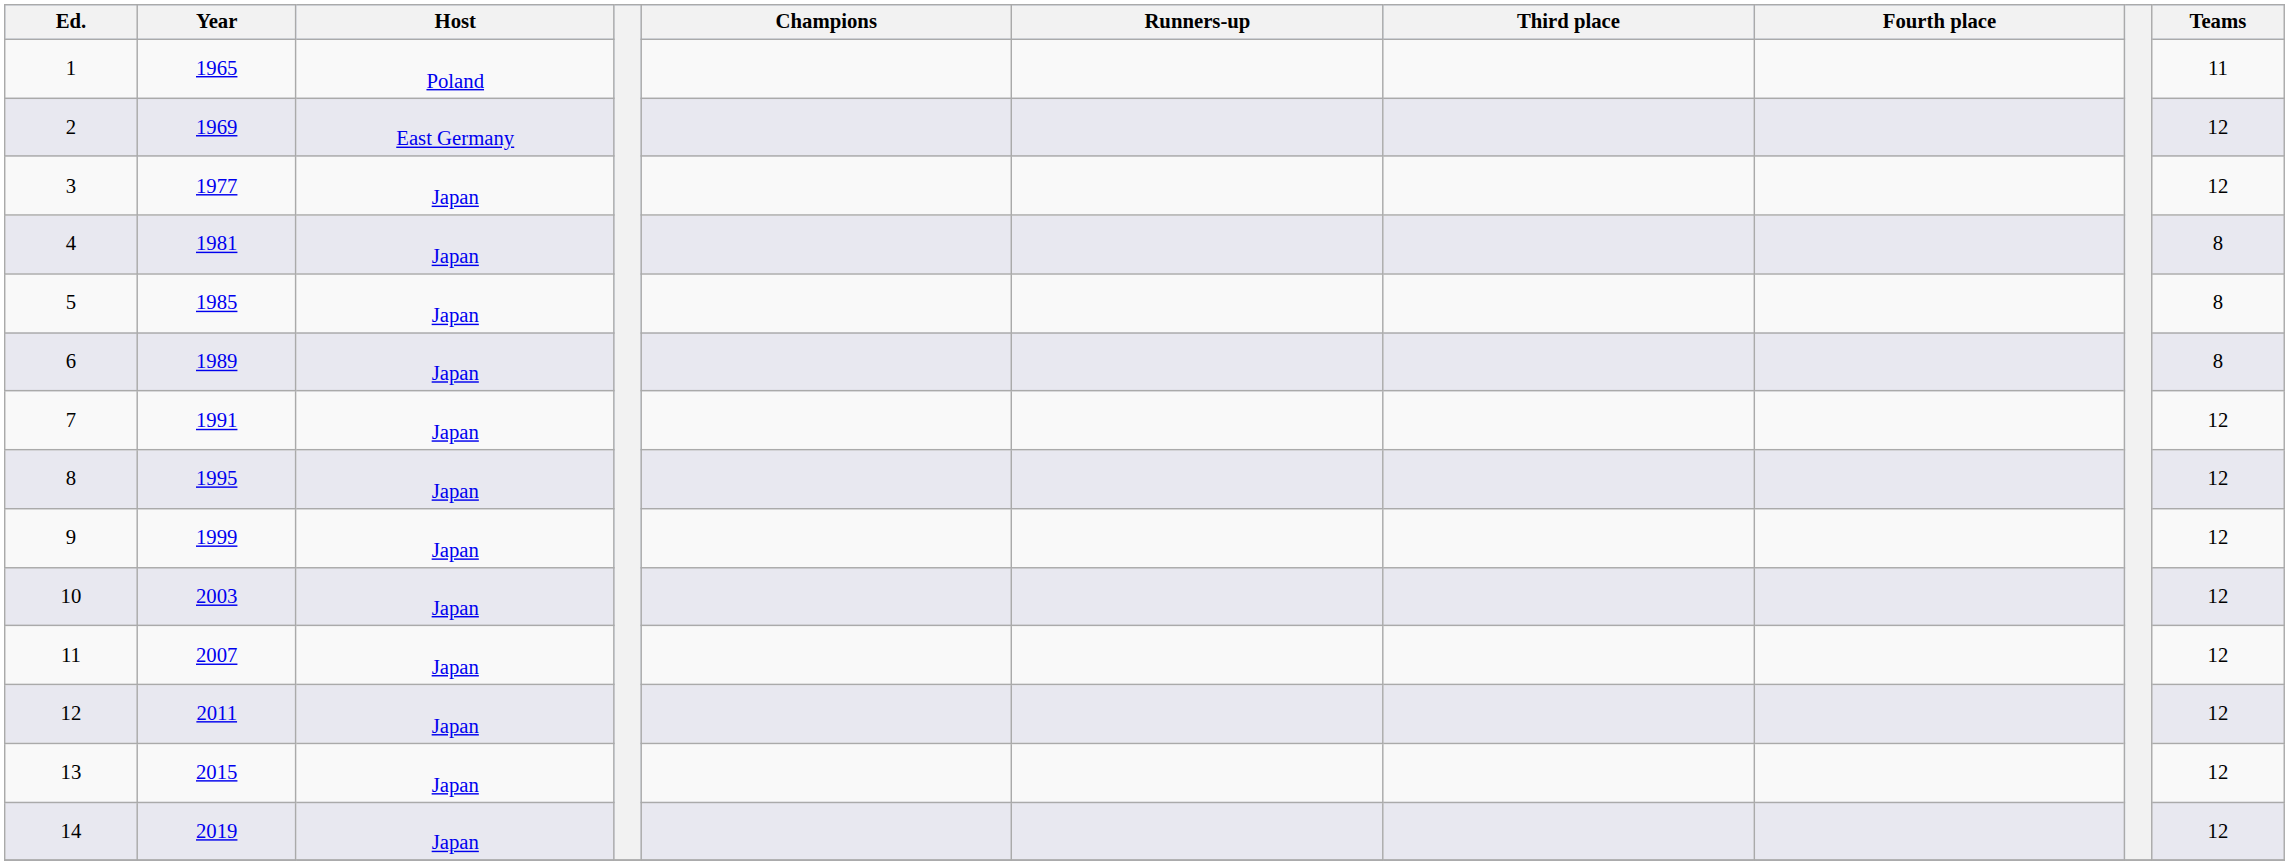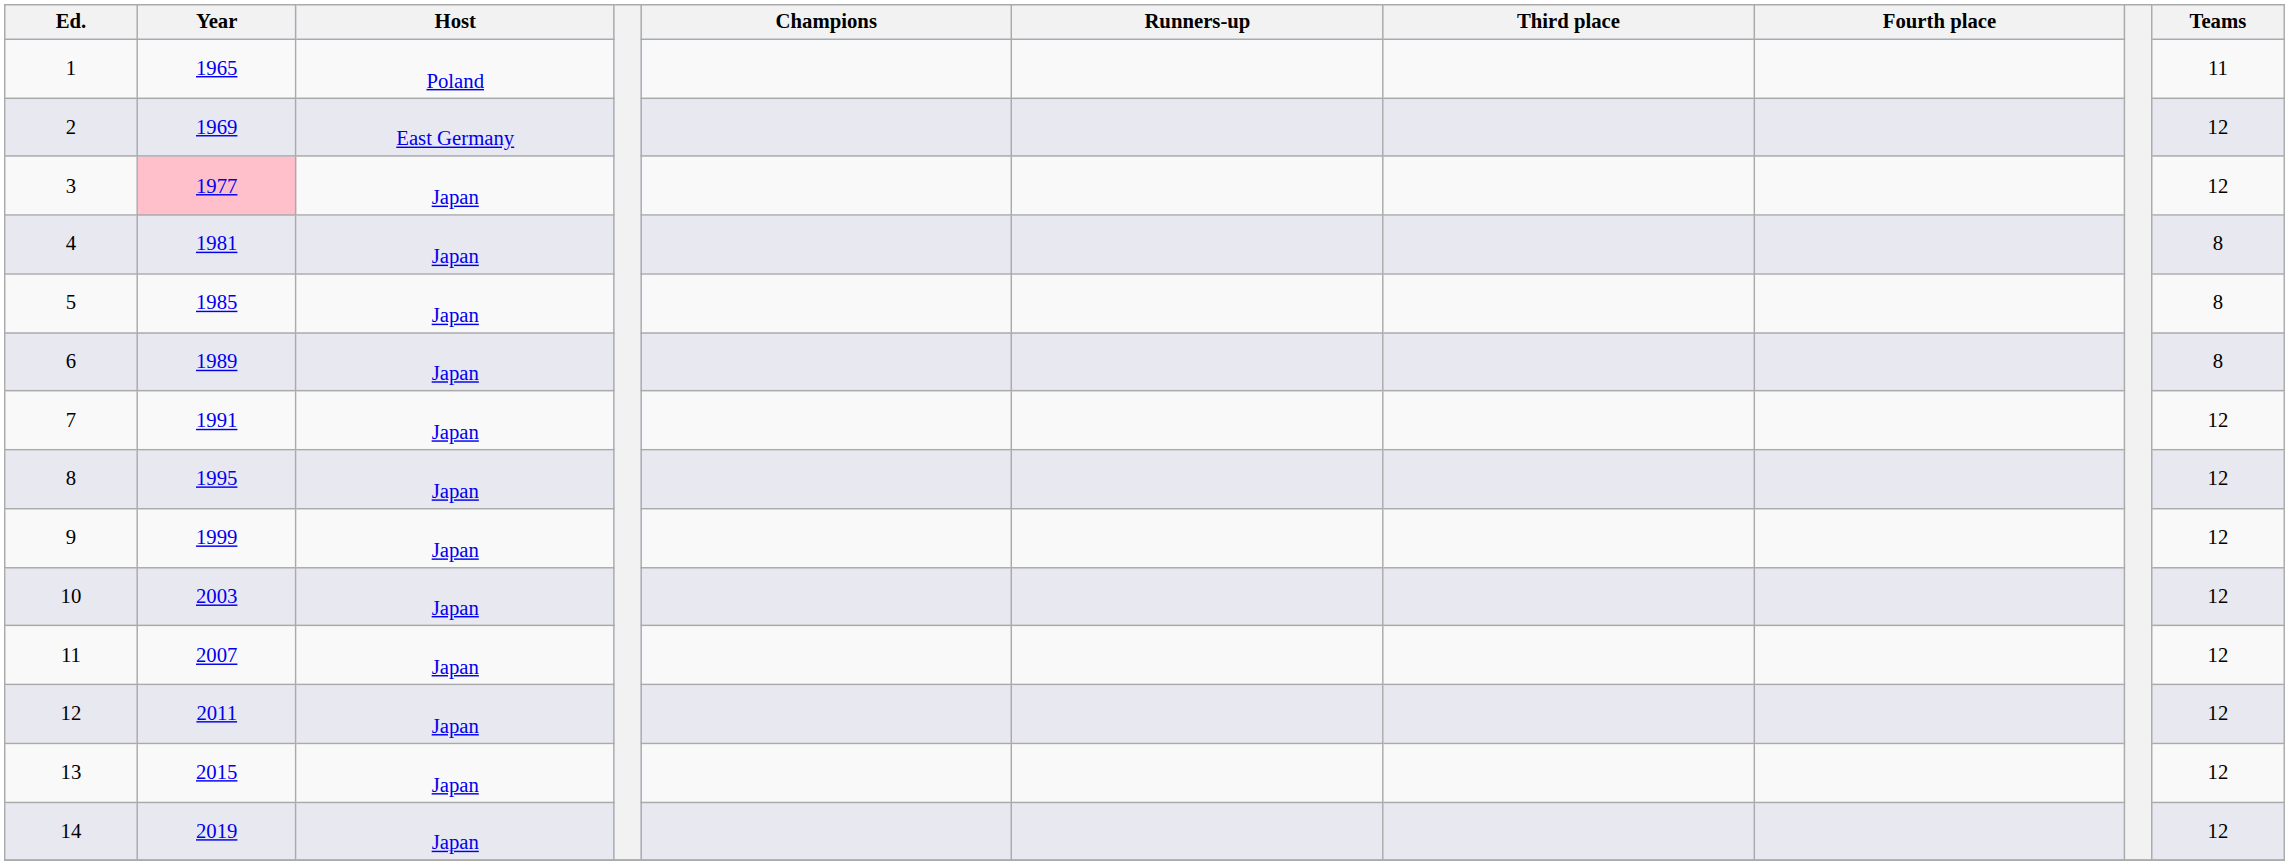 <table class="wikitable" style="font-size:90%; width:100%; text-align:center;">
 <tr bgcolor=#c1d8ff>
 <th width=5%>Ed.</th>
 <th width=6%>Year</th>
 <th width=12%>Host</th>
 <th width=1% rowspan=15 bgcolor=#ffffff></th>
 <th width=14%>Champions</th>
 <th width=14%>Runners-up</th>
 <th width=14%>Third place</th>
 <th width=14%>Fourth place</th>
 <th width=1% rowspan=15 bgcolor=#ffffff></th>
 <th width=5%>Teams</th>
 </tr>
 <tr>
 <td>1</td>
 <td><a href='#'>1965</a></td>
 <td><br><a href='#'>Poland</a></td>
 <td><strong></strong></td>
 <td></td>
 <td></td>
 <td></td>
 <td>11</td>
 </tr>
 <tr bgcolor=#e8e8f0>
 <td>2</td>
 <td><a href='#'>1969</a></td>
 <td><br><a href='#'>East Germany</a></td>
 <td><strong></strong></td>
 <td></td>
 <td></td>
 <td></td>
 <td>12</td>
 </tr>
 <tr>
 <td>3</td>
-<td><a href='#'>1977</a></td>
+<td style="background: pink;"><a href='#'>1977</a></td>
 <td><br><a href='#'>Japan</a></td>
 <td><strong></strong></td>
 <td></td>
 <td></td>
 <td></td>
 <td>12</td>
 </tr>
 <tr bgcolor=#e8e8f0>
 <td>4</td>
 <td><a href='#'>1981</a></td>
 <td><br><a href='#'>Japan</a></td>
 <td><strong></strong></td>
 <td></td>
 <td></td>
 <td></td>
 <td>8</td>
 </tr>
 <tr>
 <td>5</td>
 <td><a href='#'>1985</a></td>
 <td><br><a href='#'>Japan</a></td>
 <td><strong></strong></td>
 <td></td>
 <td></td>
 <td></td>
 <td>8</td>
 </tr>
 <tr bgcolor=#e8e8f0>
 <td>6</td>
 <td><a href='#'>1989</a></td>
 <td><br><a href='#'>Japan</a></td>
 <td><strong></strong></td>
 <td></td>
 <td></td>
 <td></td>
 <td>8</td>
 </tr>
 <tr>
 <td>7</td>
 <td><a href='#'>1991</a></td>
 <td><br><a href='#'>Japan</a></td>
 <td><strong></strong></td>
 <td></td>
 <td></td>
 <td></td>
 <td>12</td>
 </tr>
 <tr bgcolor=#e8e8f0>
 <td>8</td>
 <td><a href='#'>1995</a></td>
 <td><br><a href='#'>Japan</a></td>
 <td><strong></strong></td>
 <td></td>
 <td></td>
 <td></td>
 <td>12</td>
 </tr>
 <tr>
 <td>9</td>
 <td><a href='#'>1999</a></td>
 <td><br><a href='#'>Japan</a></td>
 <td><strong></strong></td>
 <td></td>
 <td></td>
 <td></td>
 <td>12</td>
 </tr>
 <tr bgcolor=#e8e8f0>
 <td>10</td>
 <td><a href='#'>2003</a></td>
 <td><br><a href='#'>Japan</a></td>
 <td><strong></strong></td>
 <td></td>
 <td></td>
 <td></td>
 <td>12</td>
 </tr>
 <tr>
 <td>11</td>
 <td><a href='#'>2007</a></td>
 <td><br><a href='#'>Japan</a></td>
 <td><strong></strong></td>
 <td></td>
 <td></td>
 <td></td>
 <td>12</td>
 </tr>
 <tr bgcolor=#e8e8f0>
 <td>12</td>
 <td><a href='#'>2011</a></td>
 <td><br><a href='#'>Japan</a></td>
 <td><strong></strong></td>
 <td></td>
 <td></td>
 <td></td>
 <td>12</td>
 </tr>
 <tr>
 <td>13</td>
 <td><a href='#'>2015</a></td>
 <td><br><a href='#'>Japan</a></td>
 <td><strong></strong></td>
 <td></td>
 <td></td>
 <td></td>
 <td>12</td>
 </tr>
 <tr bgcolor=#e8e8f0>
 <td>14</td>
 <td><a href='#'>2019</a></td>
 <td><br><a href='#'>Japan</a></td>
 <td><strong></strong></td>
 <td></td>
 <td></td>
 <td></td>
 <td>12</td>
 </tr>
 <tr>
 </tr>
 </table>
